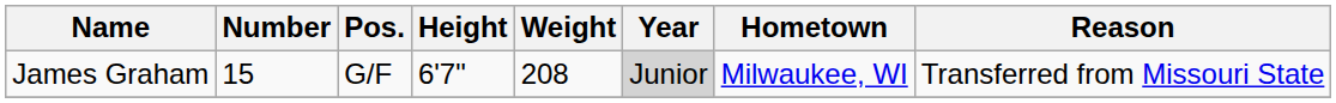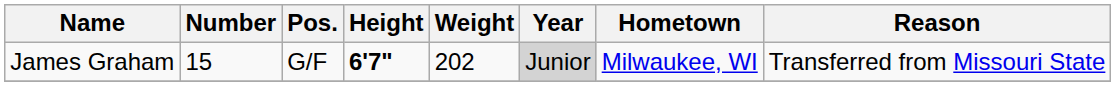 <table class="wikitable sortable" border="1">
 <tr align=center>
 <th>Name</th>
 <th>Number</th>
 <th>Pos.</th>
 <th>Height</th>
 <th>Weight</th>
 <th>Year</th>
 <th>Hometown</th>
 <th>Reason</th>
 </tr>
 <tr>
 <td>James Graham</td>
 <td>15</td>
 <td>G/F</td>
-<td>6'7"</td>
-<td>208</td>
+<td><strong>6'7"</strong></td>
+<td>202</td>
 <td style="background: lightgrey;">Junior</td>
 <td><a href='#'>Milwaukee, WI</a></td>
 <td>Transferred from <a href='#'>Missouri State</a></td>
 </tr>
 <tr>
 </tr>
 </table>
